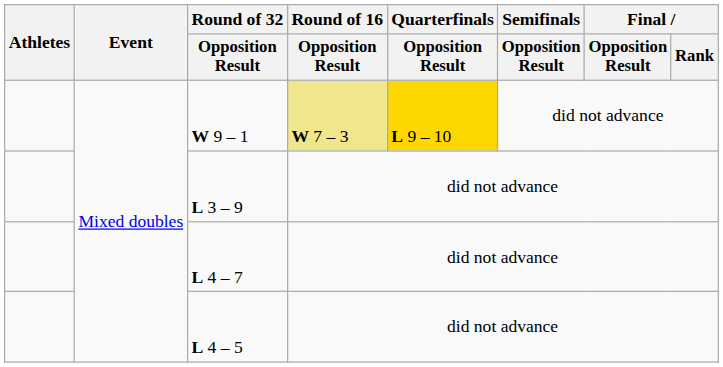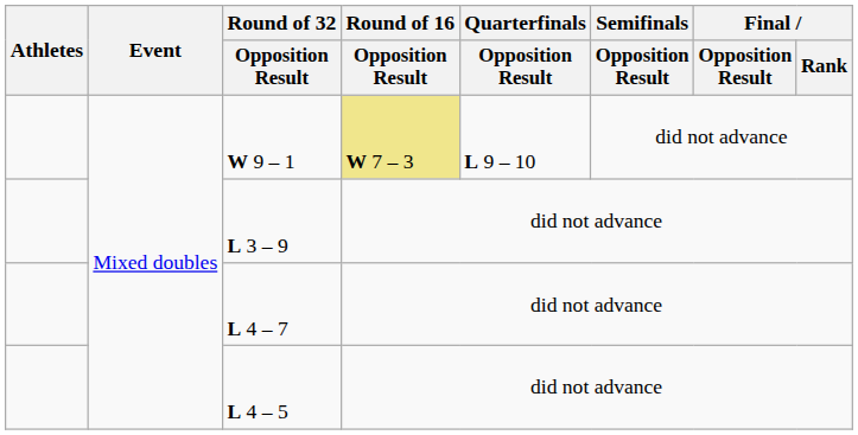 <table class="wikitable" style="font-size:90%">
 <tr>
 <th rowspan=2>Athletes</th>
 <th rowspan=2>Event</th>
 <th>Round of 32</th>
 <th>Round of 16</th>
 <th>Quarterfinals</th>
 <th>Semifinals</th>
 <th colspan=2>Final / </th>
 </tr>
 <tr style="font-size:95%">
 <th>Opposition<br>Result</th>
 <th>Opposition<br>Result</th>
 <th>Opposition<br>Result</th>
 <th>Opposition<br>Result</th>
 <th>Opposition<br>Result</th>
 <th>Rank</th>
 </tr>
 <tr>
 <td align=left><br></td>
 <td align=left rowspan=4><a href='#'>Mixed doubles</a></td>
 <td><br><br><strong>W</strong> 9 – 1</td>
 <td style="background: khaki;"><br><br><strong>W</strong> 7 – 3</td>
-<td style="background: gold;"><br><br><strong>L</strong> 9 – 10</td>
+<td><br><br><strong>L</strong> 9 – 10</td>
 <td align=center colspan=3>did not advance</td>
 </tr>
 <tr>
 <td align=left><br></td>
 <td><br><br><strong>L</strong> 3 – 9</td>
 <td align=center colspan=5>did not advance</td>
 </tr>
 <tr>
 <td align=left><br></td>
 <td><br><br><strong>L</strong> 4 – 7</td>
 <td align=center colspan=5>did not advance</td>
 </tr>
 <tr>
 <td align=left><br></td>
 <td><br><br><strong>L</strong> 4 – 5</td>
 <td align=center colspan=5>did not advance</td>
 </tr>
 </table>
